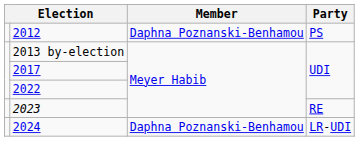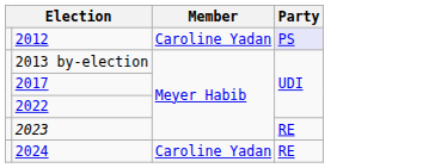 <table class="wikitable">
 <tr>
 <th colspan=2>Election</th>
 <th>Member</th>
 <th>Party</th>
 </tr>
 <tr>
 <td style="color:inherit;background-color: "></td>
 <td><a href='#'>2012</a></td>
-<td><a href='#'>Daphna Poznanski-Benhamou</a></td>
-<td><a href='#'>PS</a></td>
+<td><a href='#'>Caroline Yadan</a></td>
+<td style="background: lavender;"><a href='#'>PS</a></td>
 </tr>
 <tr>
 <td rowspan="3" style="color:inherit;background-color: "></td>
 <td>2013 by-election</td>
 <td rowspan="4"><a href='#'>Meyer Habib</a></td>
 <td rowspan="3"><a href='#'>UDI</a></td>
 </tr>
 <tr>
 <td><a href='#'>2017</a></td>
 </tr>
 <tr>
 <td><a href='#'>2022</a></td>
 </tr>
 <tr>
 <td style="color:inherit;background-color: "></td>
 <td><em>2023</em></td>
 <td><a href='#'>RE</a></td>
 </tr>
 <tr>
 <td style="color:inherit;background-color: "></td>
 <td><a href='#'>2024</a></td>
-<td><a href='#'>Daphna Poznanski-Benhamou</a></td>
-<td><a href='#'>LR</a>-<a href='#'>UDI</a></td>
+<td><a href='#'>Caroline Yadan</a></td>
+<td><a href='#'>RE</a></td>
 </tr>
 </table>
